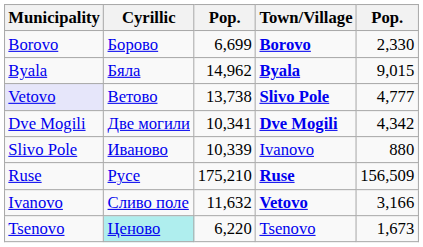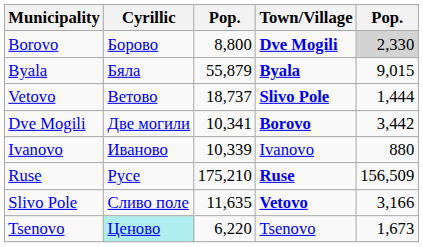 <table class="wikitable sortable">
 <tr>
 <th>Municipality</th>
 <th>Cyrillic</th>
 <th>Pop.</th>
 <th>Town/Village</th>
 <th>Pop.</th>
 </tr>
 <tr>
 <td><a href='#'>Borovo</a></td>
 <td><a href='#'>Борово</a></td>
-<td align="right">6,699</td>
-<td><strong><a href='#'>Borovo</a></strong></td>
-<td align="right">2,330</td>
+<td align="right">8,800</td>
+<td><strong><a href='#'>Dve Mogili</a></strong></td>
+<td align="right" style="background: lightgrey;">2,330</td>
 </tr>
 <tr>
 <td><a href='#'>Byala</a></td>
 <td><a href='#'>Бяла</a></td>
-<td align="right">14,962</td>
+<td align="right">55,879</td>
 <td><strong><a href='#'>Byala</a></strong></td>
 <td align="right">9,015</td>
 </tr>
 <tr>
-<td style="background: lavender;"><a href='#'>Vetovo</a></td>
+<td><a href='#'>Vetovo</a></td>
 <td><a href='#'>Ветово</a></td>
-<td align="right">13,738</td>
+<td align="right">18,737</td>
 <td><strong><a href='#'>Slivo Pole</a></strong></td>
-<td align="right">4,777</td>
+<td align="right">1,444</td>
 </tr>
 <tr>
 <td><a href='#'>Dve Mogili</a></td>
 <td><a href='#'>Две могили</a></td>
 <td align="right">10,341</td>
-<td><strong><a href='#'>Dve Mogili</a></strong></td>
-<td align="right">4,342</td>
+<td><strong><a href='#'>Borovo</a></strong></td>
+<td align="right">3,442</td>
 </tr>
 <tr>
-<td><a href='#'>Slivo Pole</a></td>
+<td><a href='#'>Ivanovo</a></td>
 <td><a href='#'>Иваново</a></td>
 <td align="right">10,339</td>
 <td><a href='#'>Ivanovo</a></td>
 <td align="right">880</td>
 </tr>
 <tr>
 <td><a href='#'>Ruse</a></td>
 <td><a href='#'>Русе</a></td>
 <td align="right">175,210</td>
 <td><strong><a href='#'>Ruse</a></strong></td>
 <td align="right">156,509</td>
 </tr>
 <tr>
-<td><a href='#'>Ivanovo</a></td>
+<td><a href='#'>Slivo Pole</a></td>
 <td><a href='#'>Сливо поле</a></td>
-<td align="right">11,632</td>
+<td align="right">11,635</td>
 <td><strong><a href='#'>Vetovo</a></strong></td>
 <td align="right">3,166</td>
 </tr>
 <tr>
 <td><a href='#'>Tsenovo</a></td>
 <td style="background: paleturquoise;"><a href='#'>Ценово</a></td>
 <td align="right">6,220</td>
 <td><a href='#'>Tsenovo</a></td>
 <td align="right">1,673</td>
 </tr>
 </table>
